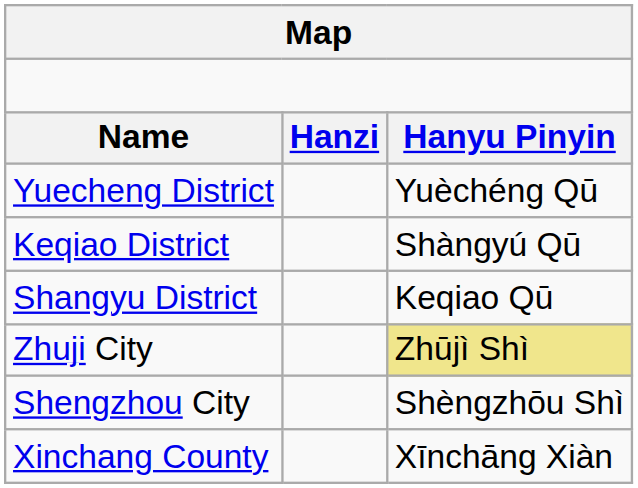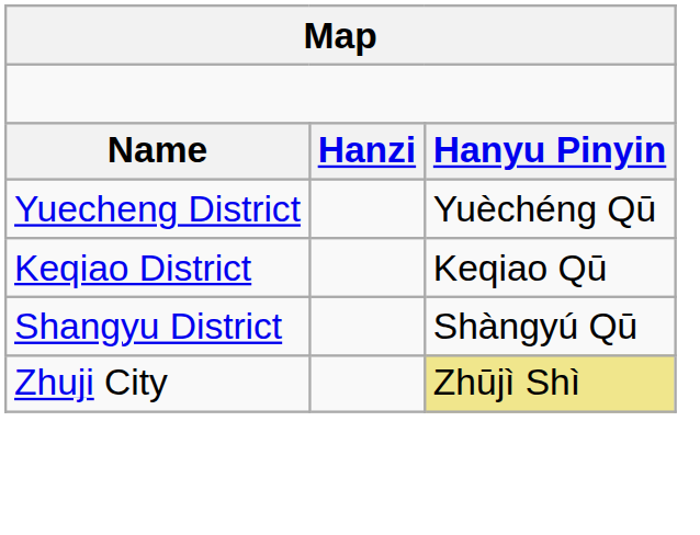 <table align="center" class="wikitable" style="font-size:90%;">
 <tr>
 <th colspan="3" align="center">Map</th>
 </tr>
 <tr>
 <td colspan="3" align="center"><div><br>        </div></td>
 </tr>
 <tr>
 <th>Name</th>
 <th><a href='#'>Hanzi</a></th>
 <th><a href='#'>Hanyu Pinyin</a></th>
 </tr>
 <tr --------->
 <td><a href='#'>Yuecheng District</a></td>
 <td></td>
 <td>Yuèchéng Qū</td>
 </tr>
 <tr --------->
 <td><a href='#'>Keqiao District</a></td>
 <td></td>
-<td>Shàngyú Qū</td>
+<td>Keqiao Qū</td>
 </tr>
 <tr --------->
 <td><a href='#'>Shangyu District</a></td>
 <td></td>
-<td>Keqiao Qū</td>
+<td>Shàngyú Qū</td>
 </tr>
 <tr --------->
 <td><a href='#'>Zhuji</a> City</td>
 <td></td>
 <td style="background: khaki;">Zhūjì Shì</td>
 </tr>
-<tr --------->
-<td><a href='#'>Shengzhou</a> City</td>
-<td></td>
-<td>Shèngzhōu Shì</td>
-</tr>
-<tr -------->
-<td><a href='#'>Xinchang County</a></td>
-<td></td>
-<td>Xīnchāng Xiàn</td>
-</tr>
 </table>
